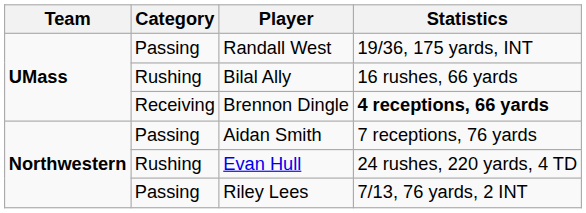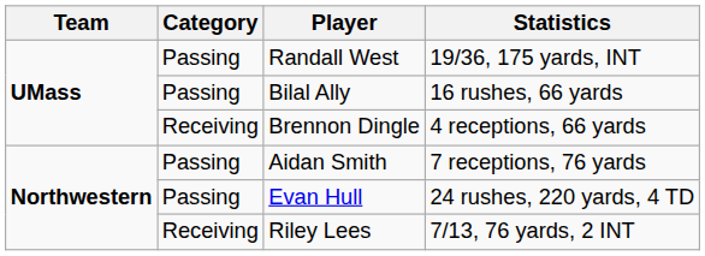 <table class="wikitable" style="float: left;">
 <tr>
 <th>Team</th>
 <th>Category</th>
 <th>Player</th>
 <th>Statistics</th>
 </tr>
 <tr>
 <td rowspan=3><strong>UMass</strong></td>
 <td>Passing</td>
 <td>Randall West</td>
 <td>19/36, 175 yards, INT</td>
 </tr>
 <tr>
-<td>Rushing</td>
+<td>Passing</td>
 <td>Bilal Ally</td>
 <td>16 rushes, 66 yards</td>
 </tr>
 <tr>
 <td>Receiving</td>
 <td>Brennon Dingle</td>
-<td><strong>4 receptions, 66 yards</strong></td>
+<td>4 receptions, 66 yards</td>
 </tr>
 <tr>
 <td rowspan=3><strong>Northwestern</strong></td>
 <td>Passing</td>
 <td>Aidan Smith</td>
 <td>7 receptions, 76 yards</td>
 </tr>
 <tr>
-<td>Rushing</td>
+<td>Passing</td>
 <td><a href='#'>Evan Hull</a></td>
 <td>24 rushes, 220 yards, 4 TD</td>
 </tr>
 <tr>
-<td>Passing</td>
+<td>Receiving</td>
 <td>Riley Lees</td>
 <td>7/13, 76 yards, 2 INT</td>
 </tr>
 </table>
